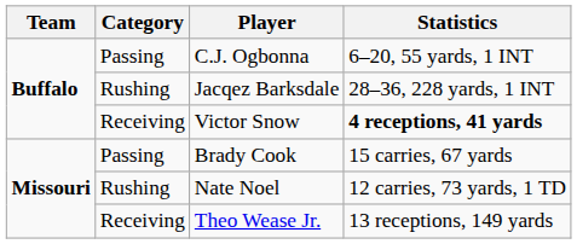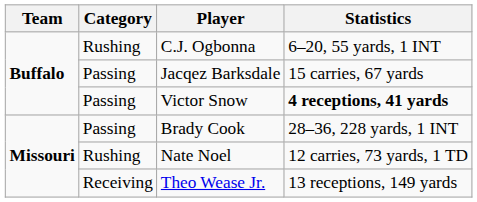 <table class="wikitable" style="float: right;">
 <tr>
 <th>Team</th>
 <th>Category</th>
 <th>Player</th>
 <th>Statistics</th>
 </tr>
 <tr>
 <td rowspan=3><strong>Buffalo</strong></td>
-<td>Passing</td>
+<td>Rushing</td>
 <td>C.J. Ogbonna</td>
 <td>6–20, 55 yards, 1 INT</td>
 </tr>
 <tr>
-<td>Rushing</td>
+<td>Passing</td>
 <td>Jacqez Barksdale</td>
-<td>28–36, 228 yards, 1 INT</td>
+<td>15 carries, 67 yards</td>
 </tr>
 <tr>
-<td>Receiving</td>
+<td>Passing</td>
 <td>Victor Snow</td>
 <td><strong>4 receptions, 41 yards</strong></td>
 </tr>
 <tr>
 <td rowspan=3><strong>Missouri</strong></td>
 <td>Passing</td>
 <td>Brady Cook</td>
-<td>15 carries, 67 yards</td>
+<td>28–36, 228 yards, 1 INT</td>
 </tr>
 <tr>
 <td>Rushing</td>
 <td>Nate Noel</td>
 <td>12 carries, 73 yards, 1 TD</td>
 </tr>
 <tr>
 <td>Receiving</td>
 <td><a href='#'>Theo Wease Jr.</a></td>
 <td>13 receptions, 149 yards</td>
 </tr>
 </table>
